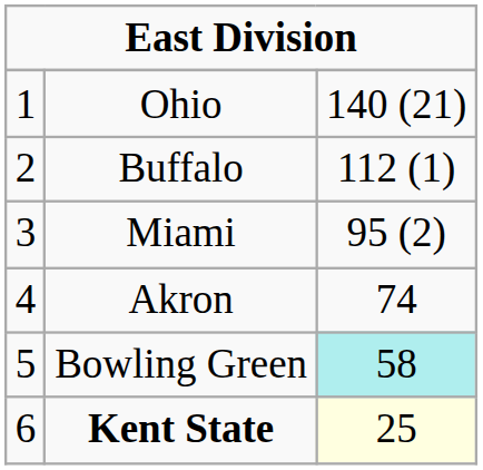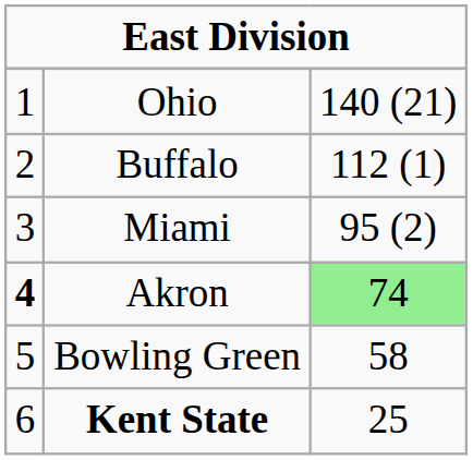 <table class="wikitable">
 <tr align="center">
 <td align="center" Colspan="3"><strong>East Division</strong></td>
 </tr>
 <tr align="center">
 </tr>
 <tr align="center">
 <td>1</td>
 <td>Ohio</td>
 <td>140 (21)</td>
 </tr>
 <tr align="center">
 <td>2</td>
 <td>Buffalo</td>
 <td>112 (1)</td>
 </tr>
 <tr align="center">
 <td>3</td>
 <td>Miami</td>
 <td>95 (2)</td>
 </tr>
 <tr align="center">
-<td>4</td>
+<td><strong>4</strong></td>
 <td>Akron</td>
-<td>74</td>
+<td style="background: lightgreen;">74</td>
 </tr>
 <tr align="center">
 <td>5</td>
 <td>Bowling Green</td>
-<td style="background: paleturquoise;">58</td>
+<td>58</td>
 </tr>
 <tr align="center">
 <td>6</td>
 <td><strong>Kent State</strong></td>
-<td style="background: lightyellow;">25</td>
+<td>25</td>
 </tr>
 </table>
